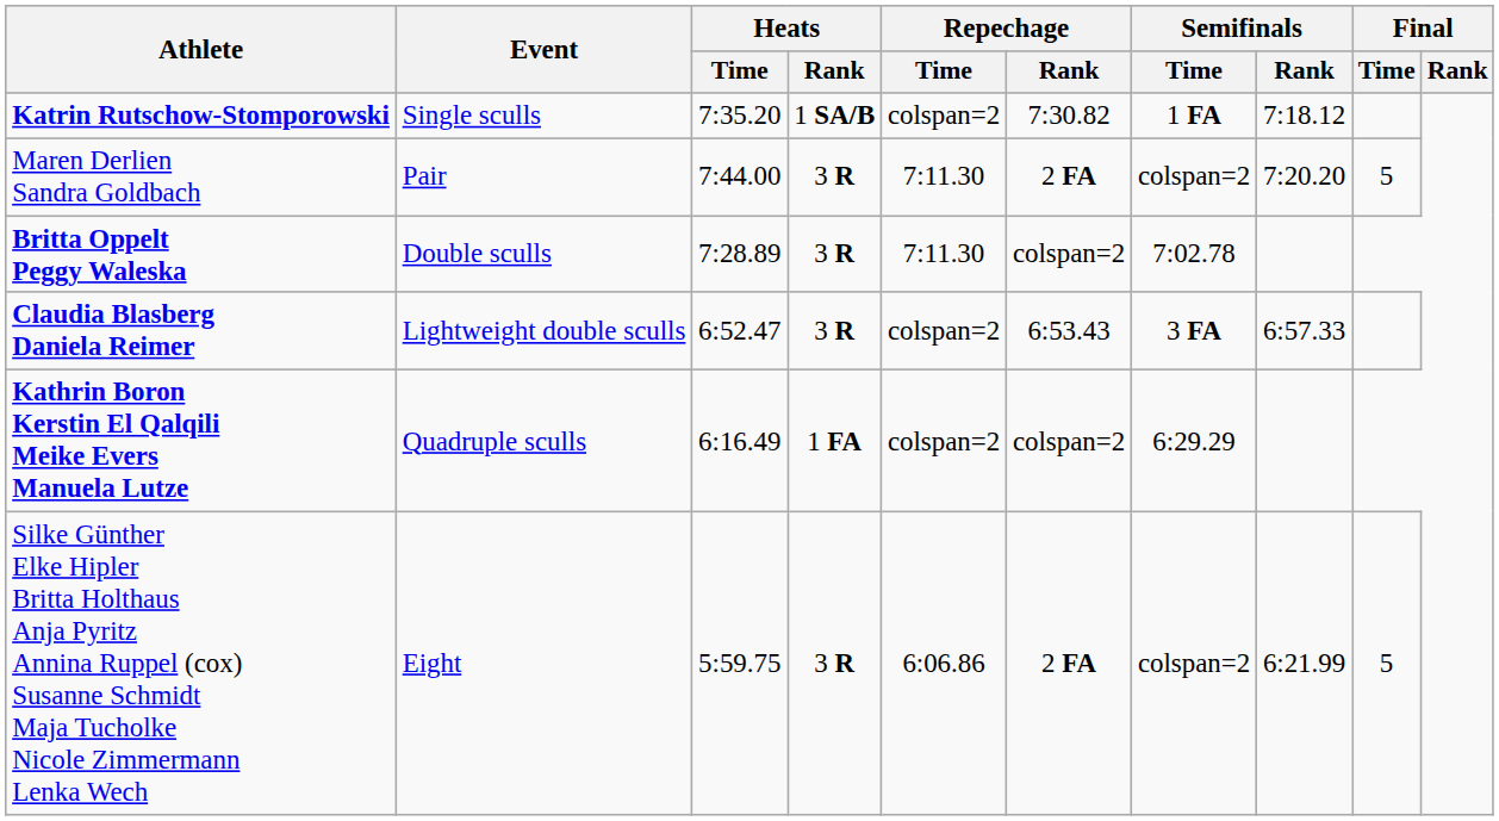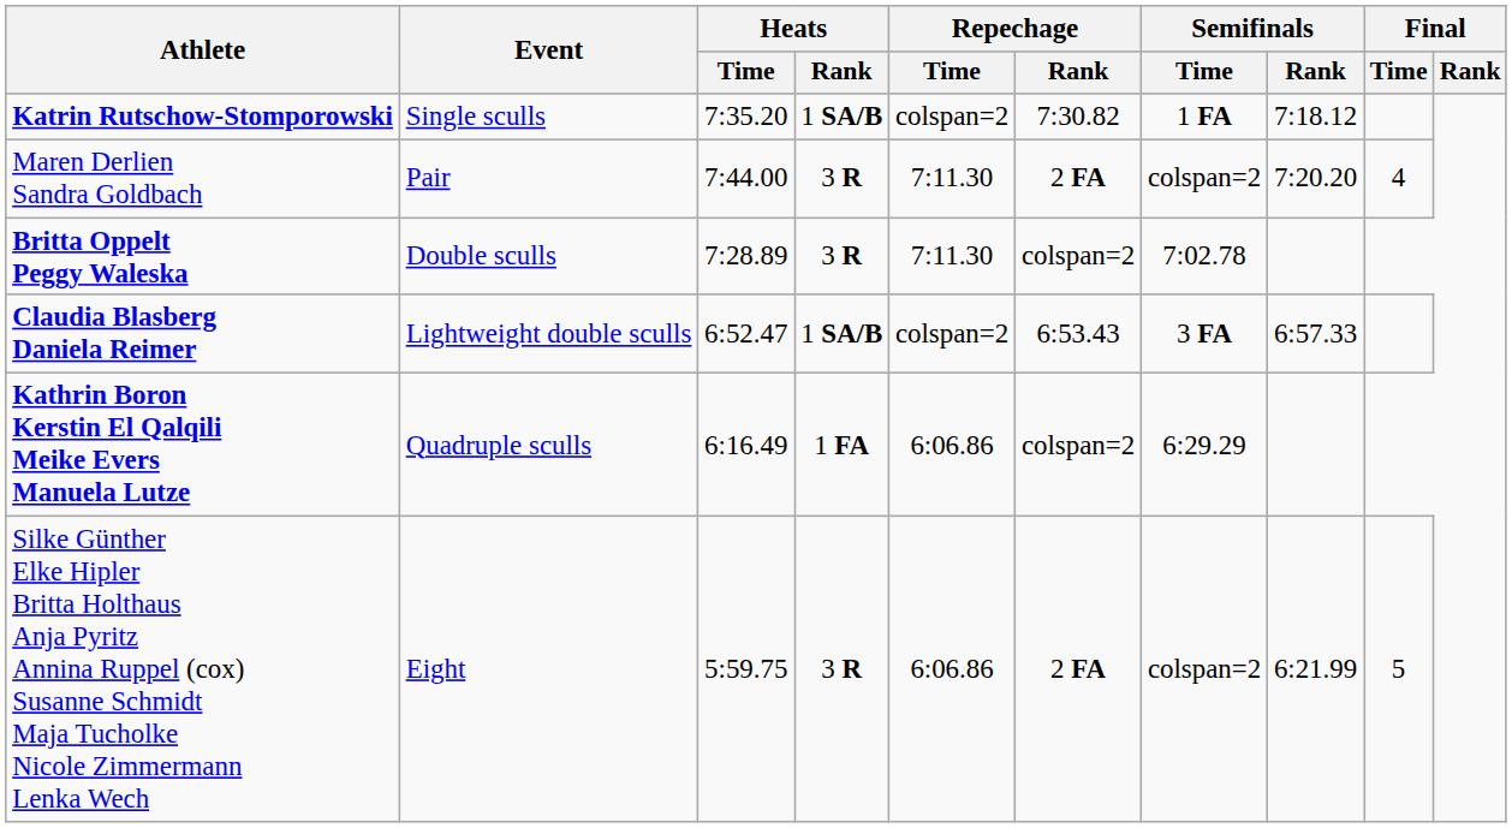 <table class="wikitable" style="font-size:90%;">
 <tr>
 <th rowspan="2">Athlete</th>
 <th rowspan="2">Event</th>
 <th colspan="2">Heats</th>
 <th colspan="2">Repechage</th>
 <th colspan="2">Semifinals</th>
 <th colspan="2">Final</th>
 </tr>
 <tr style="font-size:95%">
 <th>Time</th>
 <th>Rank</th>
 <th>Time</th>
 <th>Rank</th>
 <th>Time</th>
 <th>Rank</th>
 <th>Time</th>
 <th>Rank</th>
 </tr>
 <tr align=center>
 <td align=left><strong><a href='#'>Katrin Rutschow-Stomporowski</a></strong></td>
 <td align=left><a href='#'>Single sculls</a></td>
 <td>7:35.20</td>
 <td>1 <strong>SA/B</strong></td>
 <td>colspan=2 </td>
 <td>7:30.82</td>
 <td>1 <strong>FA</strong></td>
 <td>7:18.12</td>
 <td></td>
 </tr>
 <tr align=center>
 <td align=left><a href='#'>Maren Derlien</a><br><a href='#'>Sandra Goldbach</a></td>
 <td align=left><a href='#'>Pair</a></td>
 <td>7:44.00</td>
 <td>3 <strong>R</strong></td>
 <td>7:11.30</td>
 <td>2 <strong>FA</strong></td>
 <td>colspan=2 </td>
 <td>7:20.20</td>
-<td>5</td>
+<td>4</td>
 </tr>
 <tr align=center>
 <td align=left><strong><a href='#'>Britta Oppelt</a><br><a href='#'>Peggy Waleska</a></strong></td>
 <td align=left><a href='#'>Double sculls</a></td>
 <td>7:28.89</td>
 <td>3 <strong>R</strong></td>
 <td>7:11.30</td>
 <td>colspan=2 </td>
 <td>7:02.78</td>
 <td></td>
 </tr>
 <tr align=center>
 <td align=left><strong><a href='#'>Claudia Blasberg</a><br><a href='#'>Daniela Reimer</a></strong></td>
 <td align=left><a href='#'>Lightweight double sculls</a></td>
 <td>6:52.47</td>
-<td>3 <strong>R</strong></td>
+<td>1 <strong>SA/B</strong></td>
 <td>colspan=2 </td>
 <td>6:53.43</td>
 <td>3 <strong>FA</strong></td>
 <td>6:57.33</td>
 <td></td>
 </tr>
 <tr align=center>
 <td align=left><strong><a href='#'>Kathrin Boron</a><br><a href='#'>Kerstin El Qalqili</a><br><a href='#'>Meike Evers</a><br><a href='#'>Manuela Lutze</a></strong></td>
 <td align=left><a href='#'>Quadruple sculls</a></td>
 <td>6:16.49</td>
 <td>1 <strong>FA</strong></td>
-<td>colspan=2 </td>
+<td>6:06.86</td>
 <td>colspan=2 </td>
 <td>6:29.29</td>
 <td></td>
 </tr>
 <tr align=center>
 <td align=left><a href='#'>Silke Günther</a><br><a href='#'>Elke Hipler</a><br><a href='#'>Britta Holthaus</a><br><a href='#'>Anja Pyritz</a><br><a href='#'>Annina Ruppel</a> (cox)<br><a href='#'>Susanne Schmidt</a><br><a href='#'>Maja Tucholke</a><br><a href='#'>Nicole Zimmermann</a><br><a href='#'>Lenka Wech</a></td>
 <td align=left><a href='#'>Eight</a></td>
 <td>5:59.75</td>
 <td>3 <strong>R</strong></td>
 <td>6:06.86</td>
 <td>2 <strong>FA</strong></td>
 <td>colspan=2 </td>
 <td>6:21.99</td>
 <td>5</td>
 </tr>
 </table>
